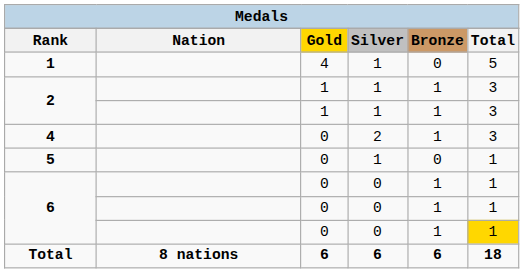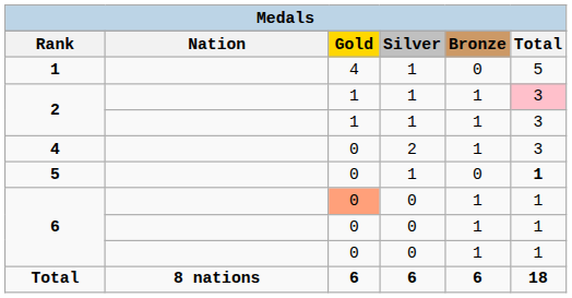 <table class="wikitable" style="text-align:center">
 <tr>
 <td colspan="6" style="background:#BCD4E6"><strong>Medals</strong></td>
 </tr>
 <tr>
 </tr>
 <tr style="background-color:#EDEDED;">
 <th width="75px" class="hintergrundfarbe5">Rank</th>
 <th width="175px" class="hintergrundfarbe6">Nation</th>
 <th style="background:    gold; width:35px ">Gold</th>
 <th style="background:  silver; width:35px ">Silver</th>
 <th style="background: #CC9966; width:35px ">Bronze</th>
 <th width="35px">Total</th>
 </tr>
 <tr>
 <td><strong>1</strong></td>
 <td align=left></td>
 <td>4</td>
 <td>1</td>
 <td>0</td>
 <td>5</td>
 </tr>
 <tr>
 <td rowspan=2><strong>2</strong></td>
 <td align=left></td>
 <td>1</td>
 <td>1</td>
 <td>1</td>
-<td>3</td>
+<td style="background: pink;">3</td>
 </tr>
 <tr>
 <td align=left></td>
 <td>1</td>
 <td>1</td>
 <td>1</td>
 <td>3</td>
 </tr>
 <tr>
 <td><strong>4</strong></td>
 <td align=left></td>
 <td>0</td>
 <td>2</td>
 <td>1</td>
 <td>3</td>
 </tr>
 <tr>
 <td><strong>5</strong></td>
 <td align=left></td>
 <td>0</td>
 <td>1</td>
 <td>0</td>
-<td>1</td>
+<td><strong>1</strong></td>
 </tr>
 <tr>
 <td rowspan=3><strong>6</strong></td>
 <td align=left><em></em></td>
-<td>0</td>
+<td style="background: lightsalmon;">0</td>
 <td>0</td>
 <td>1</td>
 <td>1</td>
 </tr>
 <tr>
 <td align=left><em> </em></td>
 <td>0</td>
 <td>0</td>
 <td>1</td>
 <td>1</td>
 </tr>
 <tr>
 <td align=left></td>
 <td>0</td>
 <td>0</td>
 <td>1</td>
-<td style="background: gold;">1</td>
+<td>1</td>
 </tr>
 <tr>
 <td><strong>Total</strong></td>
 <td><strong>8 nations</strong></td>
 <td><strong>6</strong></td>
 <td><strong>6</strong></td>
 <td><strong>6</strong></td>
 <td><strong>18</strong></td>
 </tr>
 </table>
